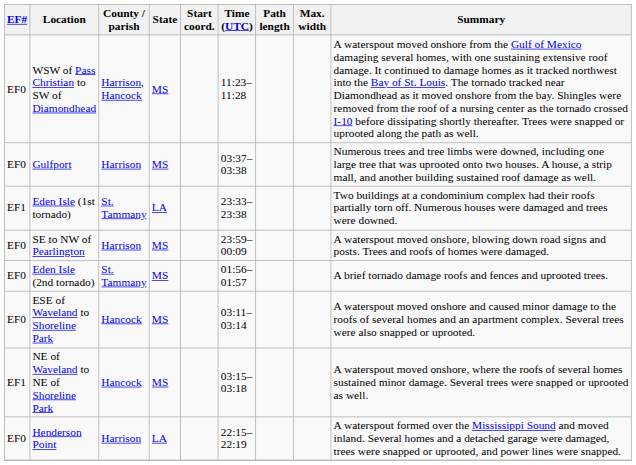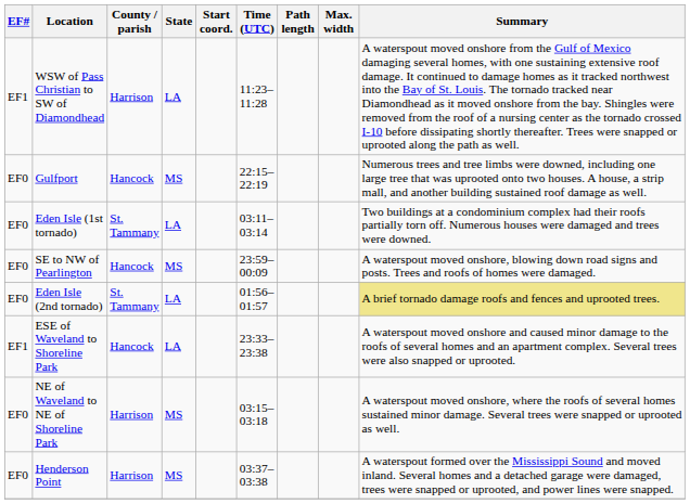 <table class="wikitable sortable" style="width:100%;">
 <tr>
 <th scope="col"  style="width:3%; text-align:center;"><a href='#'>EF#</a></th>
 <th scope="col"  style="width:7%; text-align:center;" class="unsortable">Location</th>
 <th scope="col"  style="width:6%; text-align:center;" class="unsortable">County / parish</th>
 <th scope="col"  style="width:5%; text-align:center;">State</th>
 <th scope="col"  style="width:6%; text-align:center;">Start coord.</th>
 <th scope="col"  style="width:6%; text-align:center;">Time (<a href='#'>UTC</a>)</th>
 <th scope="col"  style="width:6%; text-align:center;">Path length</th>
 <th scope="col"  style="width:6%; text-align:center;">Max. width</th>
 <th scope="col" class="unsortable" style="width:48%; text-align:center;">Summary</th>
 </tr>
 <tr>
-<td>EF0</td>
+<td>EF1</td>
 <td>WSW of <a href='#'>Pass Christian</a> to SW of <a href='#'>Diamondhead</a></td>
-<td><a href='#'>Harrison</a>, <a href='#'>Hancock</a></td>
-<td><a href='#'>MS</a></td>
+<td><a href='#'>Harrison</a></td>
+<td><a href='#'>LA</a></td>
 <td></td>
 <td>11:23–11:28</td>
 <td></td>
 <td></td>
 <td>A waterspout moved onshore from the <a href='#'>Gulf of Mexico</a> damaging several homes, with one sustaining extensive roof damage. It continued to damage homes as it tracked northwest into the <a href='#'>Bay of St. Louis</a>. The tornado tracked near Diamondhead as it moved onshore from the bay. Shingles were removed from the roof of a nursing center as the tornado crossed <a href='#'>I-10</a> before dissipating shortly thereafter. Trees were snapped or uprooted along the path as well.</td>
 </tr>
 <tr>
 <td>EF0</td>
 <td><a href='#'>Gulfport</a></td>
-<td><a href='#'>Harrison</a></td>
+<td><a href='#'>Hancock</a></td>
 <td><a href='#'>MS</a></td>
 <td></td>
-<td>03:37–03:38</td>
+<td>22:15–22:19</td>
 <td></td>
 <td></td>
 <td>Numerous trees and tree limbs were downed, including one large tree that was uprooted onto two houses. A house, a strip mall, and another building sustained roof damage as well.</td>
 </tr>
 <tr>
-<td>EF1</td>
+<td>EF0</td>
 <td><a href='#'>Eden Isle</a> (1st tornado)</td>
 <td><a href='#'>St. Tammany</a></td>
 <td><a href='#'>LA</a></td>
 <td></td>
-<td>23:33–23:38</td>
+<td>03:11–03:14</td>
 <td></td>
 <td></td>
 <td>Two buildings at a condominium complex had their roofs partially torn off. Numerous houses were damaged and trees were downed.</td>
 </tr>
 <tr>
 <td>EF0</td>
 <td>SE to NW of <a href='#'>Pearlington</a></td>
-<td><a href='#'>Harrison</a></td>
+<td><a href='#'>Hancock</a></td>
 <td><a href='#'>MS</a></td>
 <td></td>
 <td>23:59–00:09</td>
 <td></td>
 <td></td>
 <td>A waterspout moved onshore, blowing down road signs and posts. Trees and roofs of homes were damaged.</td>
 </tr>
 <tr>
 <td>EF0</td>
 <td><a href='#'>Eden Isle</a> (2nd tornado)</td>
 <td><a href='#'>St. Tammany</a></td>
-<td><a href='#'>MS</a></td>
+<td><a href='#'>LA</a></td>
 <td></td>
 <td>01:56–01:57</td>
 <td></td>
 <td></td>
-<td>A brief tornado damage roofs and fences and uprooted trees.</td>
+<td style="background: khaki;">A brief tornado damage roofs and fences and uprooted trees.</td>
 </tr>
 <tr>
-<td>EF0</td>
+<td>EF1</td>
 <td>ESE of <a href='#'>Waveland</a> to <a href='#'>Shoreline Park</a></td>
 <td><a href='#'>Hancock</a></td>
-<td><a href='#'>MS</a></td>
+<td><a href='#'>LA</a></td>
 <td></td>
-<td>03:11–03:14</td>
+<td>23:33–23:38</td>
 <td></td>
 <td></td>
 <td>A waterspout moved onshore and caused minor damage to the roofs of several homes and an apartment complex. Several trees were also snapped or uprooted.</td>
 </tr>
 <tr>
-<td>EF1</td>
+<td>EF0</td>
 <td>NE of <a href='#'>Waveland</a> to NE of <a href='#'>Shoreline Park</a></td>
-<td><a href='#'>Hancock</a></td>
+<td><a href='#'>Harrison</a></td>
 <td><a href='#'>MS</a></td>
 <td></td>
 <td>03:15–03:18</td>
 <td></td>
 <td></td>
 <td>A waterspout moved onshore, where the roofs of several homes sustained minor damage. Several trees were snapped or uprooted as well.</td>
 </tr>
 <tr>
 <td>EF0</td>
 <td><a href='#'>Henderson Point</a></td>
 <td><a href='#'>Harrison</a></td>
-<td><a href='#'>LA</a></td>
+<td><a href='#'>MS</a></td>
 <td></td>
-<td>22:15–22:19</td>
+<td>03:37–03:38</td>
 <td></td>
 <td></td>
 <td>A waterspout formed over the <a href='#'>Mississippi Sound</a> and moved inland. Several homes and a detached garage were damaged, trees were snapped or uprooted, and power lines were snapped.</td>
 </tr>
 <tr>
 </tr>
 </table>
